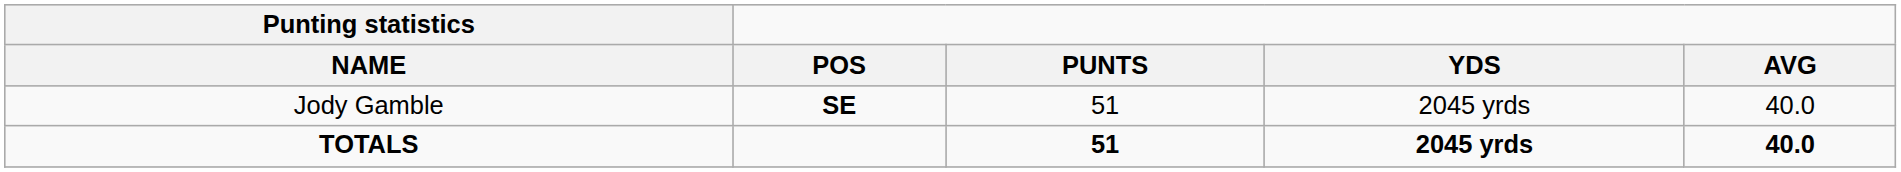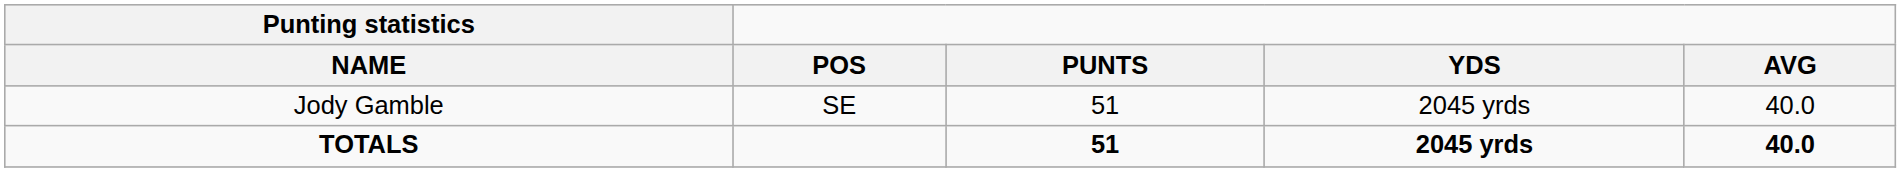 <table style="width:60%; text-align:center;" class="wikitable ">
 <tr>
 <th style="text-align:center; ">Punting statistics</th>
 </tr>
 <tr>
 <th>NAME</th>
 <th>POS</th>
 <th>PUNTS</th>
 <th>YDS</th>
 <th>AVG</th>
 </tr>
 <tr>
 <td>Jody Gamble</td>
-<td><strong>SE</strong></td>
+<td>SE</td>
 <td>51</td>
 <td>2045 yrds</td>
 <td>40.0</td>
 </tr>
 <tr>
 <td><strong>TOTALS</strong></td>
 <td></td>
 <td><strong>51</strong></td>
 <td><strong>2045 yrds</strong></td>
 <td><strong>40.0</strong></td>
 </tr>
 </table>
